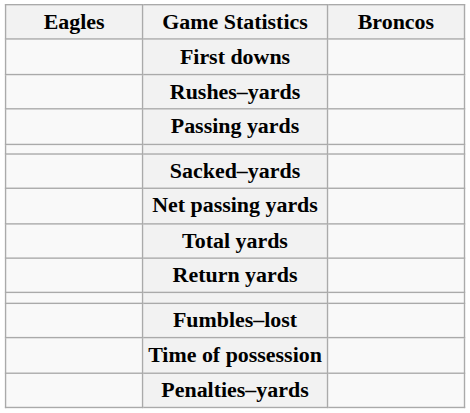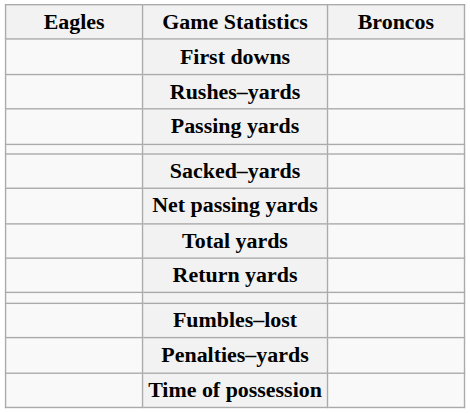 <table class="wikitable" style="margin: 1em auto 1em auto">
 <tr>
 <th style="width:30%;">Eagles</th>
 <th style="width:40%;">Game Statistics</th>
 <th style="width:30%;">Broncos</th>
 </tr>
 <tr>
 <td style="text-align:right;"></td>
 <th>First downs</th>
 <td></td>
 </tr>
 <tr>
 <td style="text-align:right;"></td>
 <th>Rushes–yards</th>
 <td></td>
 </tr>
 <tr>
 <td style="text-align:right;"></td>
 <th>Passing yards</th>
 <td></td>
 </tr>
 <tr>
 <td style="text-align:right;"></td>
 <th></th>
 <td></td>
 </tr>
 <tr>
 <td style="text-align:right;"></td>
 <th>Sacked–yards</th>
 <td></td>
 </tr>
 <tr>
 <td style="text-align:right;"></td>
 <th>Net passing yards</th>
 <td></td>
 </tr>
 <tr>
 <td style="text-align:right;"></td>
 <th>Total yards</th>
 <td></td>
 </tr>
 <tr>
 <td style="text-align:right;"></td>
 <th>Return yards</th>
 <td></td>
 </tr>
 <tr>
 <td style="text-align:right;"></td>
 <th></th>
 <td></td>
 </tr>
 <tr>
 <td style="text-align:right;"></td>
 <th>Fumbles–lost</th>
 <td></td>
 </tr>
 <tr>
 <td style="text-align:right;"></td>
-<th>Time of possession</th>
+<th>Penalties–yards</th>
 <td></td>
 </tr>
 <tr>
 <td style="text-align:right;"></td>
-<th>Penalties–yards</th>
+<th>Time of possession</th>
 <td></td>
 </tr>
 </table>
